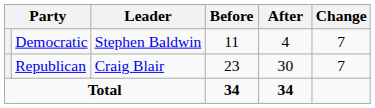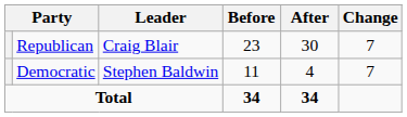 <table class="wikitable" style="text-align:center;">
 <tr>
 </tr>
 <tr>
 <th colspan=2>Party</th>
 <th>Leader</th>
 <th style="width:3em">Before</th>
 <th style="width:3em">After</th>
 <th style="width:3em">Change</th>
 </tr>
 <tr>
 <th style="background-color:"></th>
+<td style="text-align:left;"><a href='#'>Republican</a></td>
+<td style="text-align:left;"><a href='#'>Craig Blair</a></td>
+<td>23</td>
+<td>30</td>
+<td> 7</td>
+</tr>
+<tr>
+<th style="background-color:"></th>
 <td style="text-align:left;"><a href='#'>Democratic</a></td>
 <td style="text-align:left;"><a href='#'>Stephen Baldwin</a></td>
 <td>11</td>
 <td>4</td>
-<td> 7</td>
-</tr>
-<tr>
-<th style="background-color:"></th>
-<td style="text-align:left;"><a href='#'>Republican</a></td>
-<td style="text-align:left;"><a href='#'>Craig Blair</a></td>
-<td>23</td>
-<td>30</td>
 <td> 7</td>
 </tr>
 <tr>
 <td colspan=3><strong>Total</strong></td>
 <td><strong>34</strong></td>
 <td><strong>34</strong></td>
 <td></td>
 </tr>
 </table>
